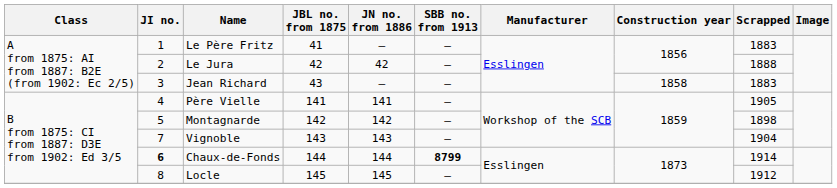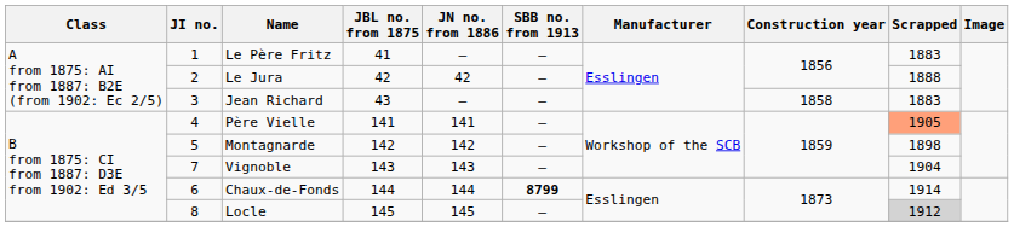 <table class="wikitable" style="text-align:center">
 <tr>
 <th>Class</th>
 <th>JI no.</th>
 <th>Name</th>
 <th>JBL no.<br>from 1875</th>
 <th>JN no.<br>from 1886</th>
 <th>SBB no.<br>from 1913</th>
 <th>Manufacturer</th>
 <th>Construction year</th>
 <th>Scrapped</th>
 <th>Image</th>
 </tr>
 <tr>
 <td rowspan="3" style="text-align:left">A<br>from 1875: AI<br>from 1887: B2E<br>(from 1902: Ec 2/5)</td>
 <td>1</td>
 <td style="text-align:left">Le Père Fritz</td>
 <td>41</td>
 <td>–</td>
 <td>–</td>
 <td rowspan="3" style="text-align:left"><a href='#'>Esslingen</a></td>
 <td rowspan="2">1856</td>
 <td>1883</td>
 <td rowspan="3"></td>
 </tr>
 <tr>
 <td>2</td>
 <td style="text-align:left">Le Jura</td>
 <td>42</td>
 <td>42</td>
 <td>–</td>
 <td>1888</td>
 </tr>
 <tr>
 <td>3</td>
 <td style="text-align:left">Jean Richard</td>
 <td>43</td>
 <td>–</td>
 <td>–</td>
 <td>1858</td>
 <td>1883</td>
 </tr>
 <tr>
 <td rowspan="5" style="text-align:left">B<br>from 1875: CI<br>from 1887: D3E<br>from 1902: Ed 3/5</td>
 <td>4</td>
 <td style="text-align:left">Père Vielle</td>
 <td>141</td>
 <td>141</td>
 <td>–</td>
 <td rowspan="3" style="text-align:left">Workshop of the <a href='#'>SCB</a></td>
 <td rowspan="3">1859</td>
-<td>1905</td>
+<td style="background: lightsalmon;">1905</td>
 <td rowspan="3"></td>
 </tr>
 <tr>
 <td>5</td>
 <td style="text-align:left">Montagnarde</td>
 <td>142</td>
 <td>142</td>
 <td>–</td>
 <td>1898</td>
 </tr>
 <tr>
 <td>7</td>
 <td style="text-align:left">Vignoble</td>
 <td>143</td>
 <td>143</td>
 <td>–</td>
 <td>1904</td>
 </tr>
 <tr>
-<td><strong>6</strong></td>
+<td>6</td>
 <td style="text-align:left">Chaux-de-Fonds</td>
 <td>144</td>
 <td>144</td>
 <td><strong>8799</strong></td>
 <td rowspan="2" style="text-align:left">Esslingen</td>
 <td rowspan="2">1873</td>
 <td>1914</td>
 <td rowspan="2"></td>
 </tr>
 <tr>
 <td>8</td>
 <td style="text-align:left">Locle</td>
 <td>145</td>
 <td>145</td>
 <td>–</td>
-<td>1912</td>
+<td style="background: lightgrey;">1912</td>
 </tr>
 <tr>
 </tr>
 </table>
